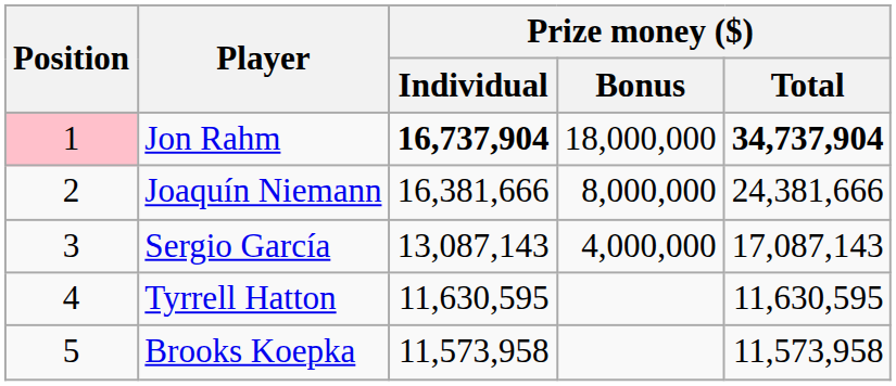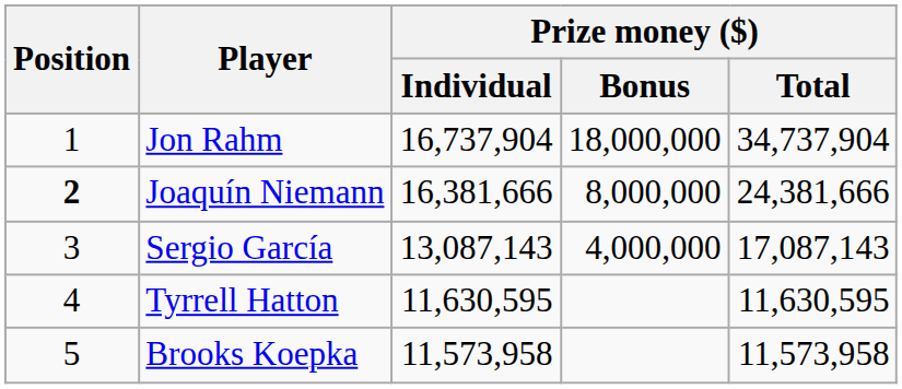 <table class="wikitable">
 <tr>
 <th rowspan=2>Position</th>
 <th rowspan=2>Player</th>
 <th colspan=3>Prize money ($)</th>
 </tr>
 <tr>
 <th>Individual</th>
 <th>Bonus</th>
 <th>Total</th>
 </tr>
 <tr>
-<td align=center style="background: pink;">1</td>
+<td align=center>1</td>
 <td> <a href='#'>Jon Rahm</a></td>
-<td align=right><strong>16,737,904</strong></td>
+<td align=right>16,737,904</td>
 <td align=right>18,000,000</td>
-<td align=right><strong>34,737,904</strong></td>
+<td align=right>34,737,904</td>
 </tr>
 <tr>
-<td align=center>2</td>
+<td align=center><strong>2</strong></td>
 <td> <a href='#'>Joaquín Niemann</a></td>
 <td align=right>16,381,666</td>
 <td align=right>8,000,000</td>
 <td align=right>24,381,666</td>
 </tr>
 <tr>
 <td align=center>3</td>
 <td> <a href='#'>Sergio García</a></td>
 <td align=right>13,087,143</td>
 <td align=right>4,000,000</td>
 <td align=right>17,087,143</td>
 </tr>
 <tr>
 <td align=center>4</td>
 <td> <a href='#'>Tyrrell Hatton</a></td>
 <td align=right>11,630,595</td>
 <td align=right></td>
 <td align=right>11,630,595</td>
 </tr>
 <tr>
 <td align=center>5</td>
 <td> <a href='#'>Brooks Koepka</a></td>
 <td align=right>11,573,958</td>
 <td align=right></td>
 <td align=right>11,573,958</td>
 </tr>
 </table>
